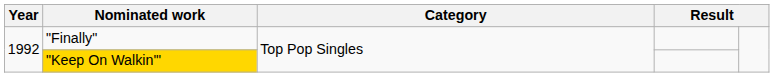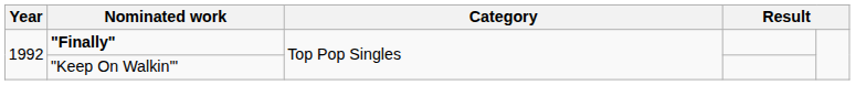 <table class=wikitable>
 <tr>
 <th width=5%>Year</th>
 <th width=28%>Nominated work</th>
 <th width=52%>Category</th>
 <th width=15% colspan=2>Result</th>
 </tr>
 <tr>
 <td rowspan=2>1992</td>
-<td>"Finally"</td>
+<td><strong>"Finally"</strong></td>
 <td rowspan=2>Top Pop Singles</td>
 <td></td>
 <td width=4% align=center rowspan=2></td>
 </tr>
 <tr>
-<td style="background: gold;">"Keep On Walkin'"</td>
+<td>"Keep On Walkin'"</td>
 <td></td>
 </tr>
 </table>
